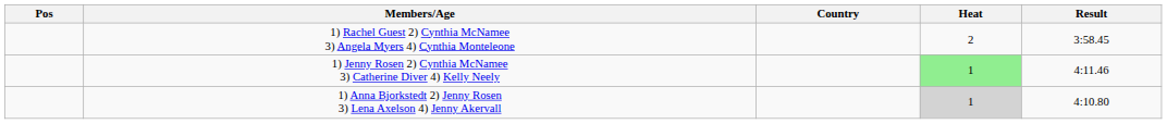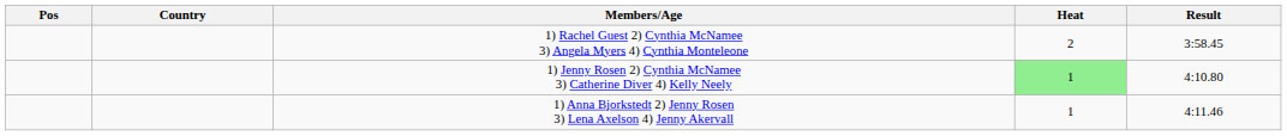 <table class="wikitable"  style="text-align:center; width:80%;">
 <tr>
 <th>Pos</th>
+<th>Country</th>
 <th>Members/Age</th>
-<th>Country</th>
 <th>Heat</th>
 <th>Result</th>
 </tr>
 <tr>
 <td align=center></td>
+<td align=left></td>
 <td>1) <a href='#'>Rachel Guest</a> 2) <a href='#'>Cynthia McNamee</a><br>3) <a href='#'>Angela Myers</a> 4) <a href='#'>Cynthia Monteleone</a></td>
-<td align=left></td>
 <td>2</td>
 <td>3:58.45</td>
 </tr>
 <tr>
 <td align=center></td>
+<td align=left></td>
 <td>1) <a href='#'>Jenny Rosen</a> 2) <a href='#'>Cynthia McNamee</a><br>3) <a href='#'>Catherine Diver</a> 4) <a href='#'>Kelly Neely</a></td>
-<td align=left></td>
 <td style="background: lightgreen;">1</td>
-<td>4:11.46</td>
+<td>4:10.80</td>
 </tr>
 <tr>
 <td align=center></td>
+<td align=left></td>
 <td>1) <a href='#'>Anna Bjorkstedt</a> 2) <a href='#'>Jenny Rosen</a><br>3) <a href='#'>Lena Axelson</a> 4) <a href='#'>Jenny Akervall</a></td>
-<td align=left></td>
-<td style="background: lightgrey;">1</td>
-<td>4:10.80</td>
+<td>1</td>
+<td>4:11.46</td>
 </tr>
 </table>
